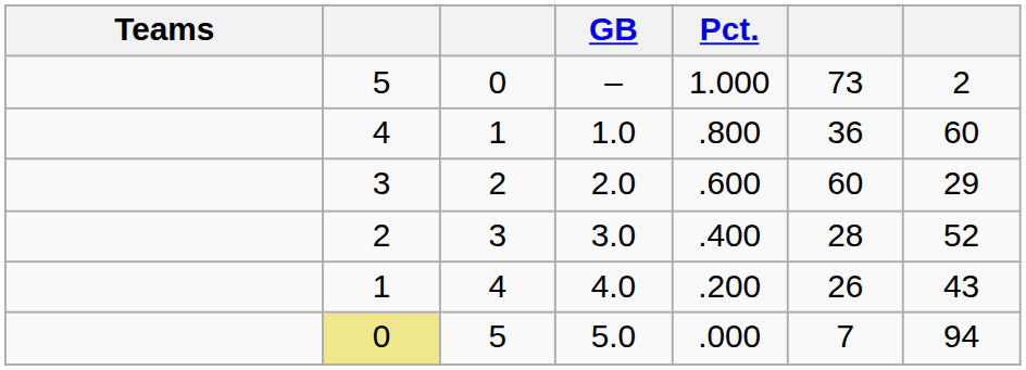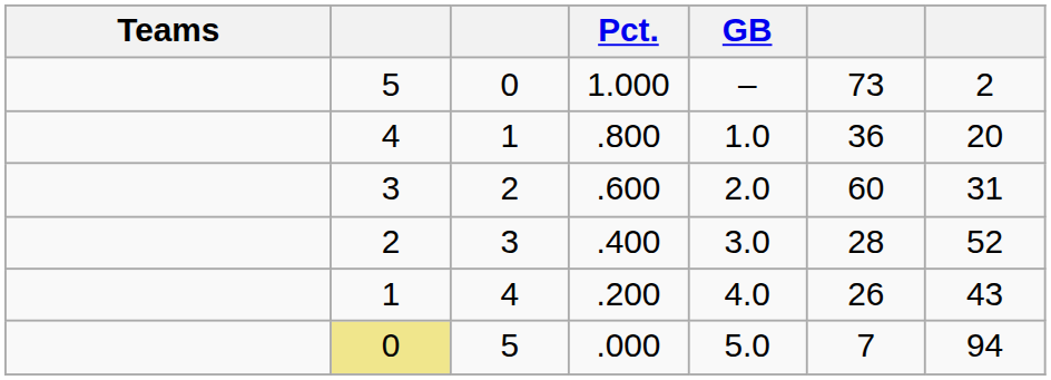 <table class="wikitable" style="text-align:center;">
 <tr>
 <th width=150px>Teams</th>
 <th width=50px></th>
 <th width=50px></th>
+<th width=50px><a href='#'>Pct.</a></th>
 <th width=50px><a href='#'>GB</a></th>
-<th width=50px><a href='#'>Pct.</a></th>
 <th width=50px></th>
 <th width=50px></th>
 </tr>
 <tr>
 <td align=left></td>
 <td>5</td>
 <td>0</td>
+<td>1.000</td>
 <td>–</td>
-<td>1.000</td>
 <td>73</td>
 <td>2</td>
 </tr>
 <tr>
 <td align=left></td>
 <td>4</td>
 <td>1</td>
+<td>.800</td>
 <td>1.0</td>
-<td>.800</td>
 <td>36</td>
-<td>60</td>
+<td>20</td>
 </tr>
 <tr>
 <td align=left></td>
 <td>3</td>
 <td>2</td>
+<td>.600</td>
 <td>2.0</td>
-<td>.600</td>
 <td>60</td>
-<td>29</td>
+<td>31</td>
 </tr>
 <tr>
 <td align=left></td>
 <td>2</td>
 <td>3</td>
+<td>.400</td>
 <td>3.0</td>
-<td>.400</td>
 <td>28</td>
 <td>52</td>
 </tr>
 <tr>
 <td align=left></td>
 <td>1</td>
 <td>4</td>
+<td>.200</td>
 <td>4.0</td>
-<td>.200</td>
 <td>26</td>
 <td>43</td>
 </tr>
 <tr>
 <td align=left></td>
 <td style="background: khaki;">0</td>
 <td>5</td>
+<td>.000</td>
 <td>5.0</td>
-<td>.000</td>
 <td>7</td>
 <td>94</td>
 </tr>
 </table>
